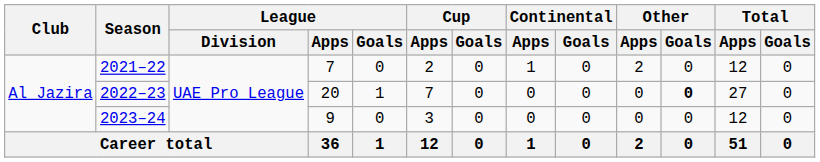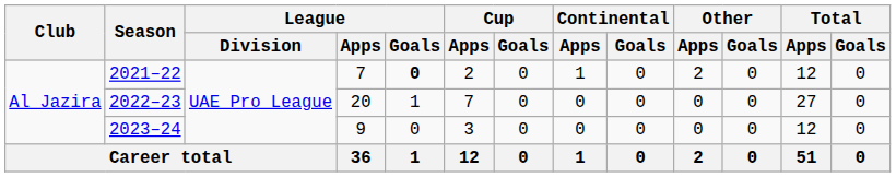 <table class="wikitable" style="text-align: center">
 <tr>
 <th rowspan="2">Club</th>
 <th rowspan="2">Season</th>
 <th colspan="3">League</th>
 <th colspan="2">Cup</th>
 <th colspan="2">Continental</th>
 <th colspan="2">Other</th>
 <th colspan="2">Total</th>
 </tr>
 <tr>
 <th>Division</th>
 <th>Apps</th>
 <th>Goals</th>
 <th>Apps</th>
 <th>Goals</th>
 <th>Apps</th>
 <th>Goals</th>
 <th>Apps</th>
 <th>Goals</th>
 <th>Apps</th>
 <th>Goals</th>
 </tr>
 <tr>
 <td rowspan=3><a href='#'>Al Jazira</a></td>
 <td><a href='#'>2021–22</a></td>
 <td rowspan=3><a href='#'>UAE Pro League</a></td>
 <td>7</td>
-<td>0</td>
+<td><strong>0</strong></td>
 <td>2</td>
 <td>0</td>
 <td>1</td>
 <td>0</td>
 <td>2</td>
 <td>0</td>
 <td>12</td>
 <td>0</td>
 </tr>
 <tr>
 <td><a href='#'>2022–23</a></td>
 <td>20</td>
 <td>1</td>
 <td>7</td>
 <td>0</td>
 <td>0</td>
 <td>0</td>
 <td>0</td>
-<td><strong>0</strong></td>
+<td>0</td>
 <td>27</td>
 <td>0</td>
 </tr>
 <tr>
 <td><a href='#'>2023–24</a></td>
 <td>9</td>
 <td>0</td>
 <td>3</td>
 <td>0</td>
 <td>0</td>
 <td>0</td>
 <td>0</td>
 <td>0</td>
 <td>12</td>
 <td>0</td>
 </tr>
 <tr>
 <th colspan="3"><strong>Career total</strong></th>
 <th>36</th>
 <th>1</th>
 <th>12</th>
 <th>0</th>
 <th>1</th>
 <th>0</th>
 <th>2</th>
 <th>0</th>
 <th>51</th>
 <th>0</th>
 </tr>
 </table>
